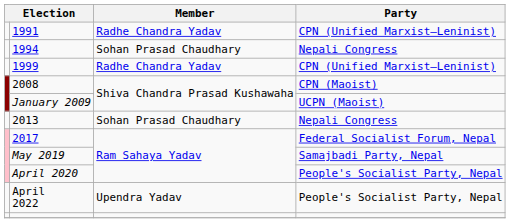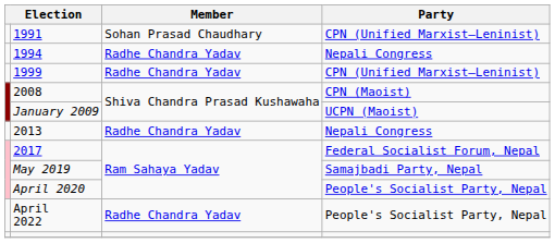 <table class="wikitable">
 <tr>
 <th colspan="2">Election</th>
 <th>Member</th>
 <th>Party</th>
 </tr>
 <tr>
 <td style="background-color:"></td>
 <td><a href='#'>1991</a></td>
-<td><a href='#'>Radhe Chandra Yadav</a></td>
+<td>Sohan Prasad Chaudhary</td>
 <td><a href='#'>CPN (Unified Marxist–Leninist)</a></td>
 </tr>
 <tr>
 <td style="background-color:"></td>
 <td><a href='#'>1994</a></td>
-<td>Sohan Prasad Chaudhary</td>
+<td><a href='#'>Radhe Chandra Yadav</a></td>
 <td><a href='#'>Nepali Congress</a></td>
 </tr>
 <tr>
 <td style="background-color:"></td>
 <td><a href='#'>1999</a></td>
 <td><a href='#'>Radhe Chandra Yadav</a></td>
 <td><a href='#'>CPN (Unified Marxist–Leninist)</a></td>
 </tr>
 <tr>
 <td rowspan="2" style="background-color:darkred"></td>
 <td>2008</td>
 <td rowspan="2">Shiva Chandra Prasad Kushawaha</td>
 <td><a href='#'>CPN (Maoist)</a></td>
 </tr>
 <tr>
 <td><em>January 2009</em></td>
 <td><a href='#'>UCPN (Maoist)</a></td>
 </tr>
 <tr>
 <td style="background-color:"></td>
 <td>2013</td>
-<td>Sohan Prasad Chaudhary</td>
+<td><a href='#'>Radhe Chandra Yadav</a></td>
 <td><a href='#'>Nepali Congress</a></td>
 </tr>
 <tr>
 <td rowspan="3" style="background-color:pink"></td>
 <td><a href='#'>2017</a></td>
 <td rowspan="3"><a href='#'>Ram Sahaya Yadav</a></td>
 <td><a href='#'>Federal Socialist Forum, Nepal</a></td>
 </tr>
 <tr>
 <td><em>May 2019</em></td>
 <td><a href='#'>Samajbadi Party, Nepal</a></td>
 </tr>
 <tr>
 <td><em>April 2020</em></td>
 <td><a href='#'>People's Socialist Party, Nepal</a></td>
 </tr>
 <tr>
 <td></td>
 <td>April<br>2022</td>
-<td>Upendra Yadav</td>
+<td><a href='#'>Radhe Chandra Yadav</a></td>
 <td>People's Socialist Party, Nepal</td>
 </tr>
 <tr>
 <td></td>
 <td></td>
 <td></td>
 <td></td>
 </tr>
 <tr>
 </tr>
 </table>
